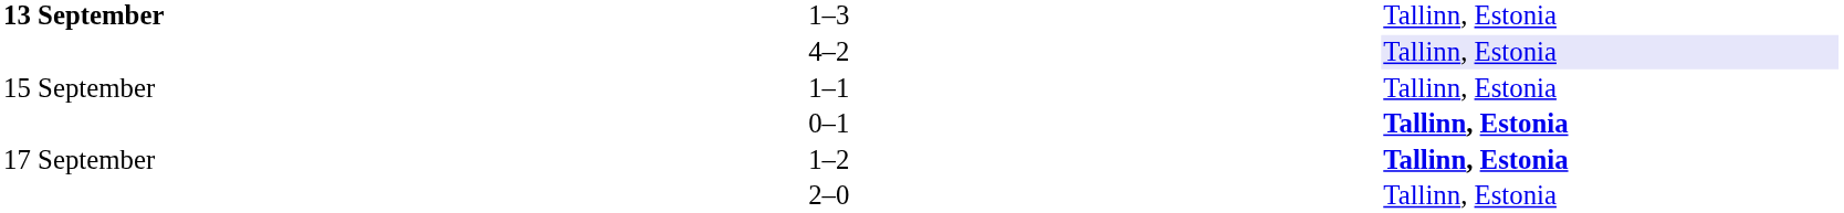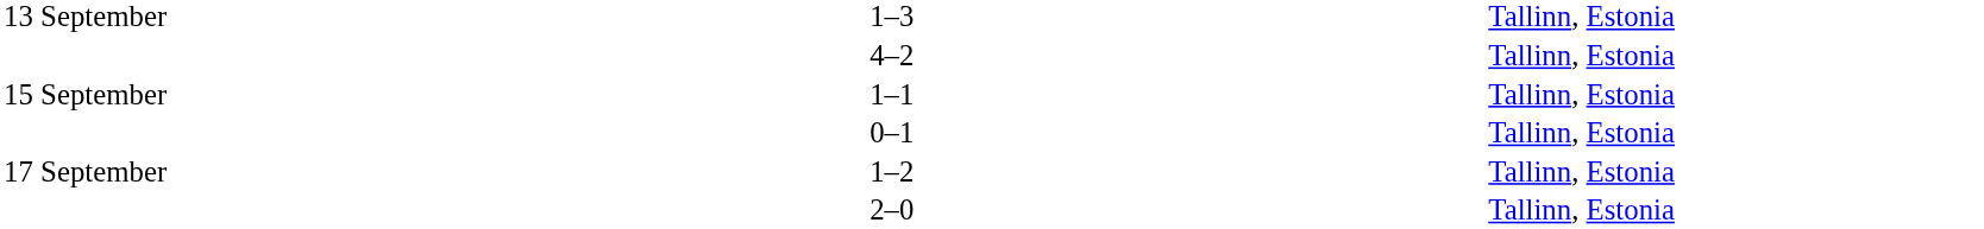 <table cellspacing=1 width=85%>
 <tr>
 <th width=15%></th>
 <th width=25%></th>
 <th width=10%></th>
 <th width=25%></th>
 <th width=25%></th>
 </tr>
 <tr>
-<td><strong>13 September</strong></td>
+<td>13 September</td>
 <td align=right></td>
 <td align=center>1–3</td>
 <td></td>
 <td><a href='#'>Tallinn</a>, <a href='#'>Estonia</a></td>
 </tr>
 <tr>
 <td></td>
 <td align=right></td>
 <td align=center>4–2</td>
 <td></td>
-<td style="background: lavender;"><a href='#'>Tallinn</a>, <a href='#'>Estonia</a></td>
+<td><a href='#'>Tallinn</a>, <a href='#'>Estonia</a></td>
 </tr>
 <tr>
 <td>15 September</td>
 <td align=right></td>
 <td align=center>1–1</td>
 <td></td>
 <td><a href='#'>Tallinn</a>, <a href='#'>Estonia</a></td>
 </tr>
 <tr>
 <td></td>
 <td align=right></td>
 <td align=center>0–1</td>
 <td></td>
-<td><strong><a href='#'>Tallinn</a>, <a href='#'>Estonia</a></strong></td>
+<td><a href='#'>Tallinn</a>, <a href='#'>Estonia</a></td>
 </tr>
 <tr>
 <td>17 September</td>
 <td align=right></td>
 <td align=center>1–2</td>
 <td></td>
-<td><strong><a href='#'>Tallinn</a>, <a href='#'>Estonia</a></strong></td>
+<td><a href='#'>Tallinn</a>, <a href='#'>Estonia</a></td>
 </tr>
 <tr>
 <td></td>
 <td align=right></td>
 <td align=center>2–0</td>
 <td></td>
 <td><a href='#'>Tallinn</a>, <a href='#'>Estonia</a></td>
 </tr>
 </table>
